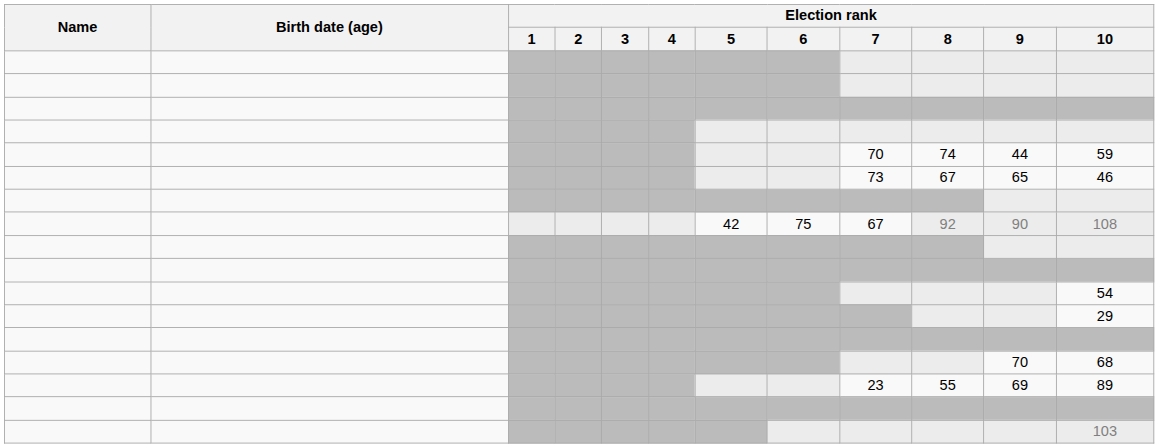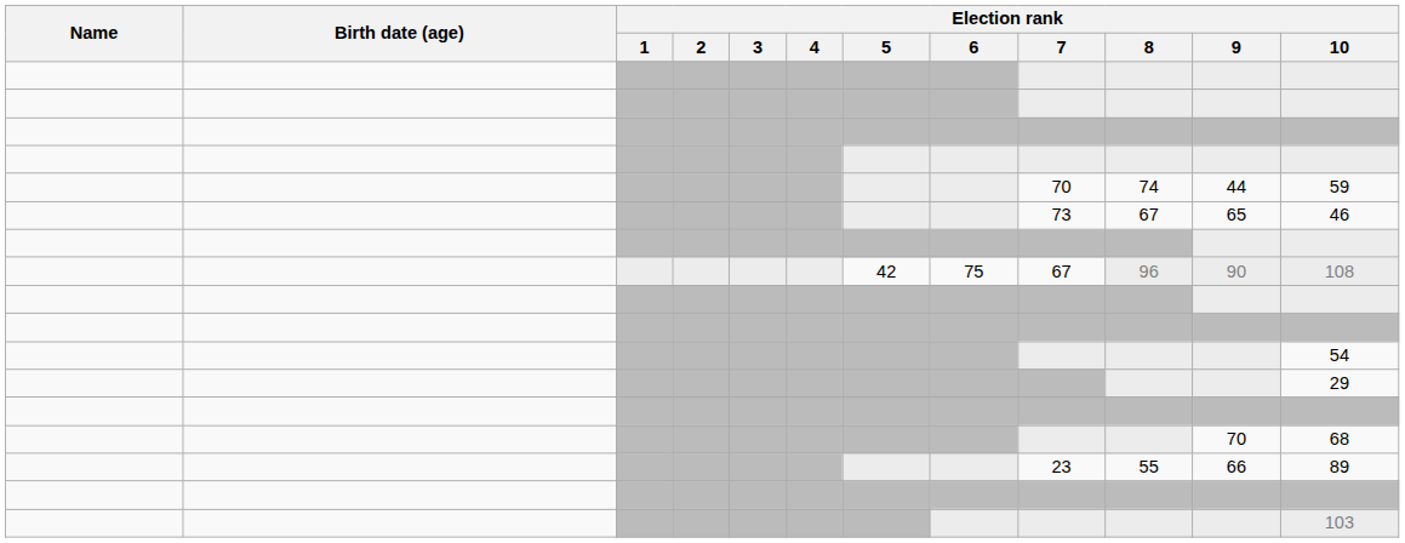 <table class="wikitable sortable"  style="text-align:center; width:100%;">
 <tr>
 <th rowspan="2">Name</th>
 <th rowspan="2">Birth date (age)</th>
 <th colspan="10">Election rank</th>
 </tr>
 <tr>
 <th data-sort-type="number">1</th>
 <th data-sort-type="number">2</th>
 <th data-sort-type="number">3</th>
 <th data-sort-type="number">4</th>
 <th data-sort-type="number">5</th>
 <th data-sort-type="number">6</th>
 <th data-sort-type="number">7</th>
 <th data-sort-type="number">8</th>
 <th data-sort-type="number">9</th>
 <th data-sort-type="number">10</th>
 </tr>
 <tr>
 <td style="text-align:left;" data-sort-value="Aikawa, Honoka"></td>
 <td style="text-align:left;"></td>
 <td style="background:#bbb;"> </td>
 <td style="background:#bbb;"> </td>
 <td style="background:#bbb;"> </td>
 <td style="background:#bbb;"> </td>
 <td style="background:#bbb;"> </td>
 <td style="background:#bbb;"> </td>
 <td style="background:#ececec; color:gray;"></td>
 <td style="background:#ececec; color:gray;"></td>
 <td style="background:#ececec; color:gray;"></td>
 <td style="background:#ececec; color:gray;"></td>
 </tr>
 <tr>
 <td style="text-align:left;" data-sort-value="Asai, Yūka"></td>
 <td style="text-align:left;"></td>
 <td style="background:#bbb;"> </td>
 <td style="background:#bbb;"> </td>
 <td style="background:#bbb;"> </td>
 <td style="background:#bbb;"> </td>
 <td style="background:#bbb;"> </td>
 <td style="background:#bbb;"> </td>
 <td style="background:#ececec; color:gray;"></td>
 <td style="background:#ececec; color:gray;"></td>
 <td style="background:#ececec; color:gray;"></td>
 <td style="background:#ececec; color:gray;"></td>
 </tr>
 <tr>
 <td style="text-align:left;" data-sort-value="Ikeda, Kaede"></td>
 <td style="text-align:left;"></td>
 <td style="background:#bbb;"> </td>
 <td style="background:#bbb;"> </td>
 <td style="background:#bbb;"> </td>
 <td style="background:#bbb;"> </td>
 <td style="background:#bbb;"> </td>
 <td style="background:#bbb;"> </td>
 <td style="background:#bbb;"> </td>
 <td style="background:#bbb;"> </td>
 <td style="background:#bbb;"> </td>
 <td style="background:#bbb;"> </td>
 </tr>
 <tr>
 <td style="text-align:left;" data-sort-value="Ida, Reona"></td>
 <td style="text-align:left;"></td>
 <td style="background:#bbb;"> </td>
 <td style="background:#bbb;"> </td>
 <td style="background:#bbb;"> </td>
 <td style="background:#bbb;"> </td>
 <td style="background:#ececec; color:gray;"></td>
 <td style="background:#ececec; color:gray;"></td>
 <td style="background:#ececec; color:gray;"></td>
 <td style="background:#ececec; color:gray;"></td>
 <td style="background:#ececec; color:gray;"></td>
 <td style="background:#ececec; color:gray;"></td>
 </tr>
 <tr>
 <td style="text-align:left;" data-sort-value="Kamata, Natsuki"></td>
 <td style="text-align:left;"></td>
 <td style="background:#bbb;"> </td>
 <td style="background:#bbb;"> </td>
 <td style="background:#bbb;"> </td>
 <td style="background:#bbb;"> </td>
 <td style="background:#ececec; color:gray;"></td>
 <td style="background:#ececec; color:gray;"></td>
 <td>70</td>
 <td>74</td>
 <td>44</td>
 <td>59</td>
 </tr>
 <tr>
 <td style="text-align:left;" data-sort-value="Kumazaki, Haruka"></td>
 <td style="text-align:left;"></td>
 <td style="background:#bbb;"> </td>
 <td style="background:#bbb;"> </td>
 <td style="background:#bbb;"> </td>
 <td style="background:#bbb;"> </td>
 <td style="background:#ececec; color:gray;"></td>
 <td style="background:#ececec; color:gray;"></td>
 <td>73</td>
 <td>67</td>
 <td>65</td>
 <td>46</td>
 </tr>
 <tr>
 <td style="text-align:left;" data-sort-value="Kurashima, Ami"></td>
 <td style="text-align:left;"></td>
 <td style="background:#bbb;"> </td>
 <td style="background:#bbb;"> </td>
 <td style="background:#bbb;"> </td>
 <td style="background:#bbb;"> </td>
 <td style="background:#bbb;"> </td>
 <td style="background:#bbb;"> </td>
 <td style="background:#bbb;"> </td>
 <td style="background:#bbb;"> </td>
 <td style="background:#ececec; color:gray;"></td>
 <td style="background:#ececec; color:gray;"></td>
 </tr>
 <tr>
 <td style="text-align:left;" data-sort-value="Saito, Makiko"></td>
 <td style="text-align:left;"></td>
 <td style="background:#ececec; color:gray;"></td>
 <td style="background:#ececec; color:gray;"></td>
 <td style="background:#ececec; color:gray;"></td>
 <td style="background:#ececec; color:gray;"></td>
 <td>42</td>
 <td>75</td>
 <td>67</td>
-<td style="background:#ececec; color:gray;">92</td>
+<td style="background:#ececec; color:gray;">96</td>
 <td style="background:#ececec; color:gray;">90</td>
 <td style="background:#ececec; color:gray;">108</td>
 </tr>
 <tr>
 <td style="text-align:left;" data-sort-value="Sato, Kaho"></td>
 <td style="text-align:left;"></td>
 <td style="background:#bbb;"> </td>
 <td style="background:#bbb;"> </td>
 <td style="background:#bbb;"> </td>
 <td style="background:#bbb;"> </td>
 <td style="background:#bbb;"> </td>
 <td style="background:#bbb;"> </td>
 <td style="background:#bbb;"> </td>
 <td style="background:#bbb;"> </td>
 <td style="background:#ececec; color:gray;"></td>
 <td style="background:#ececec; color:gray;"></td>
 </tr>
 <tr>
 <td style="text-align:left;" data-sort-value="Sawada, Kanon"></td>
 <td style="text-align:left;"></td>
 <td style="background:#bbb;"> </td>
 <td style="background:#bbb;"> </td>
 <td style="background:#bbb;"> </td>
 <td style="background:#bbb;"> </td>
 <td style="background:#bbb;"> </td>
 <td style="background:#bbb;"> </td>
 <td style="background:#bbb;"> </td>
 <td style="background:#bbb;"> </td>
 <td style="background:#bbb;"> </td>
 <td style="background:#bbb;"> </td>
 </tr>
 <tr>
 <td style="text-align:left;" data-sort-value="Suenaga, Ōka"></td>
 <td style="text-align:left;"></td>
 <td style="background:#bbb;"> </td>
 <td style="background:#bbb;"> </td>
 <td style="background:#bbb;"> </td>
 <td style="background:#bbb;"> </td>
 <td style="background:#bbb;"> </td>
 <td style="background:#bbb;"> </td>
 <td style="background:#ececec; color:gray;"></td>
 <td style="background:#ececec; color:gray;"></td>
 <td style="background:#ececec; color:gray;"></td>
 <td>54</td>
 </tr>
 <tr>
 <td style="text-align:left;" data-sort-value="Sugawara, Maya"></td>
 <td style="text-align:left;"></td>
 <td style="background:#bbb;"> </td>
 <td style="background:#bbb;"> </td>
 <td style="background:#bbb;"> </td>
 <td style="background:#bbb;"> </td>
 <td style="background:#bbb;"> </td>
 <td style="background:#bbb;"> </td>
 <td style="background:#bbb;"> </td>
 <td style="background:#ececec; color:gray;"></td>
 <td style="background:#ececec; color:gray;"></td>
 <td>29</td>
 </tr>
 <tr>
 <td style="text-align:left;" data-sort-value="Suzuki, Kokona"></td>
 <td style="text-align:left;"></td>
 <td style="background:#bbb;"> </td>
 <td style="background:#bbb;"> </td>
 <td style="background:#bbb;"> </td>
 <td style="background:#bbb;"> </td>
 <td style="background:#bbb;"> </td>
 <td style="background:#bbb;"> </td>
 <td style="background:#bbb;"> </td>
 <td style="background:#bbb;"> </td>
 <td style="background:#bbb;"> </td>
 <td style="background:#bbb;"> </td>
 </tr>
 <tr>
 <td style="text-align:left;" data-sort-value="Takahata, Yūki"></td>
 <td style="text-align:left;"></td>
 <td style="background:#bbb;"> </td>
 <td style="background:#bbb;"> </td>
 <td style="background:#bbb;"> </td>
 <td style="background:#bbb;"> </td>
 <td style="background:#bbb;"> </td>
 <td style="background:#bbb;"> </td>
 <td style="background:#ececec; color:gray;"></td>
 <td style="background:#ececec; color:gray;"></td>
 <td>70</td>
 <td>68</td>
 </tr>
 <tr>
 <td style="text-align:left;" data-sort-value="Tani, Marika"></td>
 <td style="text-align:left;"></td>
 <td style="background:#bbb;"> </td>
 <td style="background:#bbb;"> </td>
 <td style="background:#bbb;"> </td>
 <td style="background:#bbb;"> </td>
 <td style="background:#ececec; color:gray;"></td>
 <td style="background:#ececec; color:gray;"></td>
 <td>23</td>
 <td>55</td>
-<td>69</td>
+<td>66</td>
 <td>89</td>
 </tr>
 <tr>
 <td style="text-align:left;" data-sort-value="Hayashi, Mirei"></td>
 <td style="text-align:left;"></td>
 <td style="background:#bbb;"> </td>
 <td style="background:#bbb;"> </td>
 <td style="background:#bbb;"> </td>
 <td style="background:#bbb;"> </td>
 <td style="background:#bbb;"> </td>
 <td style="background:#bbb;"> </td>
 <td style="background:#bbb;"> </td>
 <td style="background:#bbb;"> </td>
 <td style="background:#bbb;"> </td>
 <td style="background:#bbb;"> </td>
 </tr>
 <tr>
 <td style="text-align:left;" data-sort-value="Fukushi, Nao"></td>
 <td style="text-align:left;"></td>
 <td style="background:#bbb;"> </td>
 <td style="background:#bbb;"> </td>
 <td style="background:#bbb;"> </td>
 <td style="background:#bbb;"> </td>
 <td style="background:#bbb;"> </td>
 <td style="background:#ececec; color:gray;"></td>
 <td style="background:#ececec; color:gray;"></td>
 <td style="background:#ececec; color:gray;"></td>
 <td style="background:#ececec; color:gray;"></td>
 <td style="background:#ececec; color:gray;">103</td>
 </tr>
 </table>
